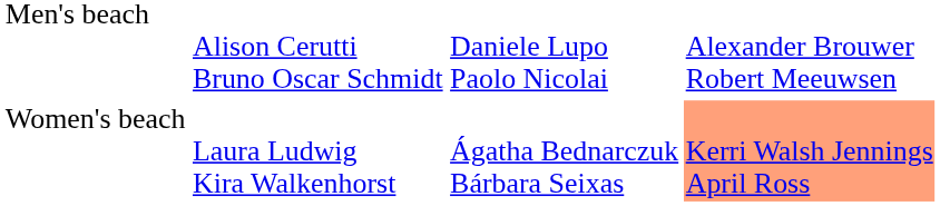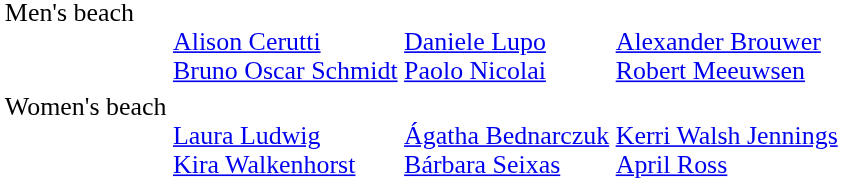 <table>
 <tr valign="top">
 <td>Men's beach<br></td>
 <td><br><a href='#'>Alison Cerutti</a><br><a href='#'>Bruno Oscar Schmidt</a></td>
 <td><br><a href='#'>Daniele Lupo</a><br><a href='#'>Paolo Nicolai</a></td>
 <td><br><a href='#'>Alexander Brouwer</a><br><a href='#'>Robert Meeuwsen</a></td>
 </tr>
 <tr valign="top">
 <td>Women's beach<br></td>
 <td><br><a href='#'>Laura Ludwig</a><br><a href='#'>Kira Walkenhorst</a></td>
 <td><br><a href='#'>Ágatha Bednarczuk</a><br><a href='#'>Bárbara Seixas</a></td>
-<td style="background: lightsalmon;"><br><a href='#'>Kerri Walsh Jennings</a><br><a href='#'>April Ross</a></td>
+<td><br><a href='#'>Kerri Walsh Jennings</a><br><a href='#'>April Ross</a></td>
 </tr>
 </table>
